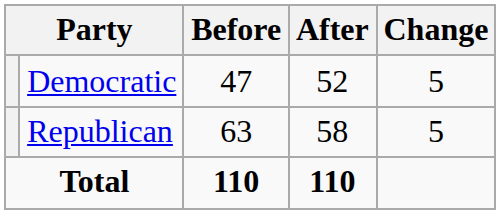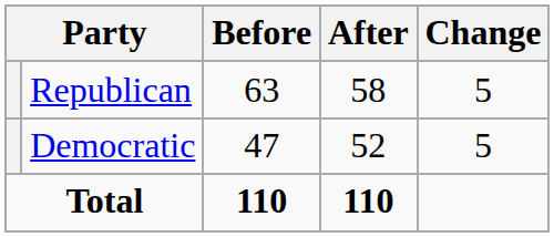 <table class="wikitable" style="text-align:center;">
 <tr>
 </tr>
 <tr>
 <th colspan=2>Party</th>
 <th>Before</th>
 <th>After</th>
 <th>Change</th>
 </tr>
 <tr>
 <th style="background-color:"></th>
-<td style="text-align:left;"><a href='#'>Democratic</a></td>
-<td>47</td>
-<td>52</td>
+<td style="text-align:left;"><a href='#'>Republican</a></td>
+<td>63</td>
+<td>58</td>
 <td> 5</td>
 </tr>
 <tr>
 <th style="background-color:"></th>
-<td style="text-align:left;"><a href='#'>Republican</a></td>
-<td>63</td>
-<td>58</td>
+<td style="text-align:left;"><a href='#'>Democratic</a></td>
+<td>47</td>
+<td>52</td>
 <td> 5</td>
 </tr>
 <tr>
 <td colspan=2><strong>Total</strong></td>
 <td><strong>110</strong></td>
 <td><strong>110</strong></td>
 <td></td>
 </tr>
 </table>
